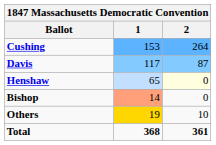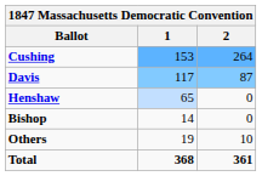 <table class="wikitable" style="text-align:right;">
 <tr>
 <th colspan="3">1847 Massachusetts Democratic Convention</th>
 </tr>
 <tr>
 <th>Ballot</th>
 <th>1</th>
 <th>2</th>
 </tr>
 <tr>
 <td align=left><strong><a href='#'>Cushing</a></strong></td>
 <td style="background:#5cb3ff">153</td>
 <td style="background:#5cb3ff">264</td>
 </tr>
 <tr>
 <td align=left><strong><a href='#'>Davis</a></strong></td>
 <td style="background:#82caff">117</td>
 <td style="background:#82caff">87</td>
 </tr>
 <tr>
 <td align=left><strong><a href='#'>Henshaw</a></strong></td>
 <td style="background:#c2dfff">65</td>
-<td style="background: lightyellow;">0</td>
+<td>0</td>
 </tr>
 <tr>
 <td align=left><strong>Bishop</strong></td>
-<td style="background: lightsalmon;">14</td>
+<td>14</td>
 <td>0</td>
 </tr>
 <tr>
 <td align=left><strong>Others</strong></td>
-<td style="background: gold;">19</td>
+<td>19</td>
 <td>10</td>
 </tr>
 <tr>
 <td align=left><strong>Total</strong></td>
 <td><strong>368</strong></td>
 <td><strong>361</strong></td>
 </tr>
 </table>
